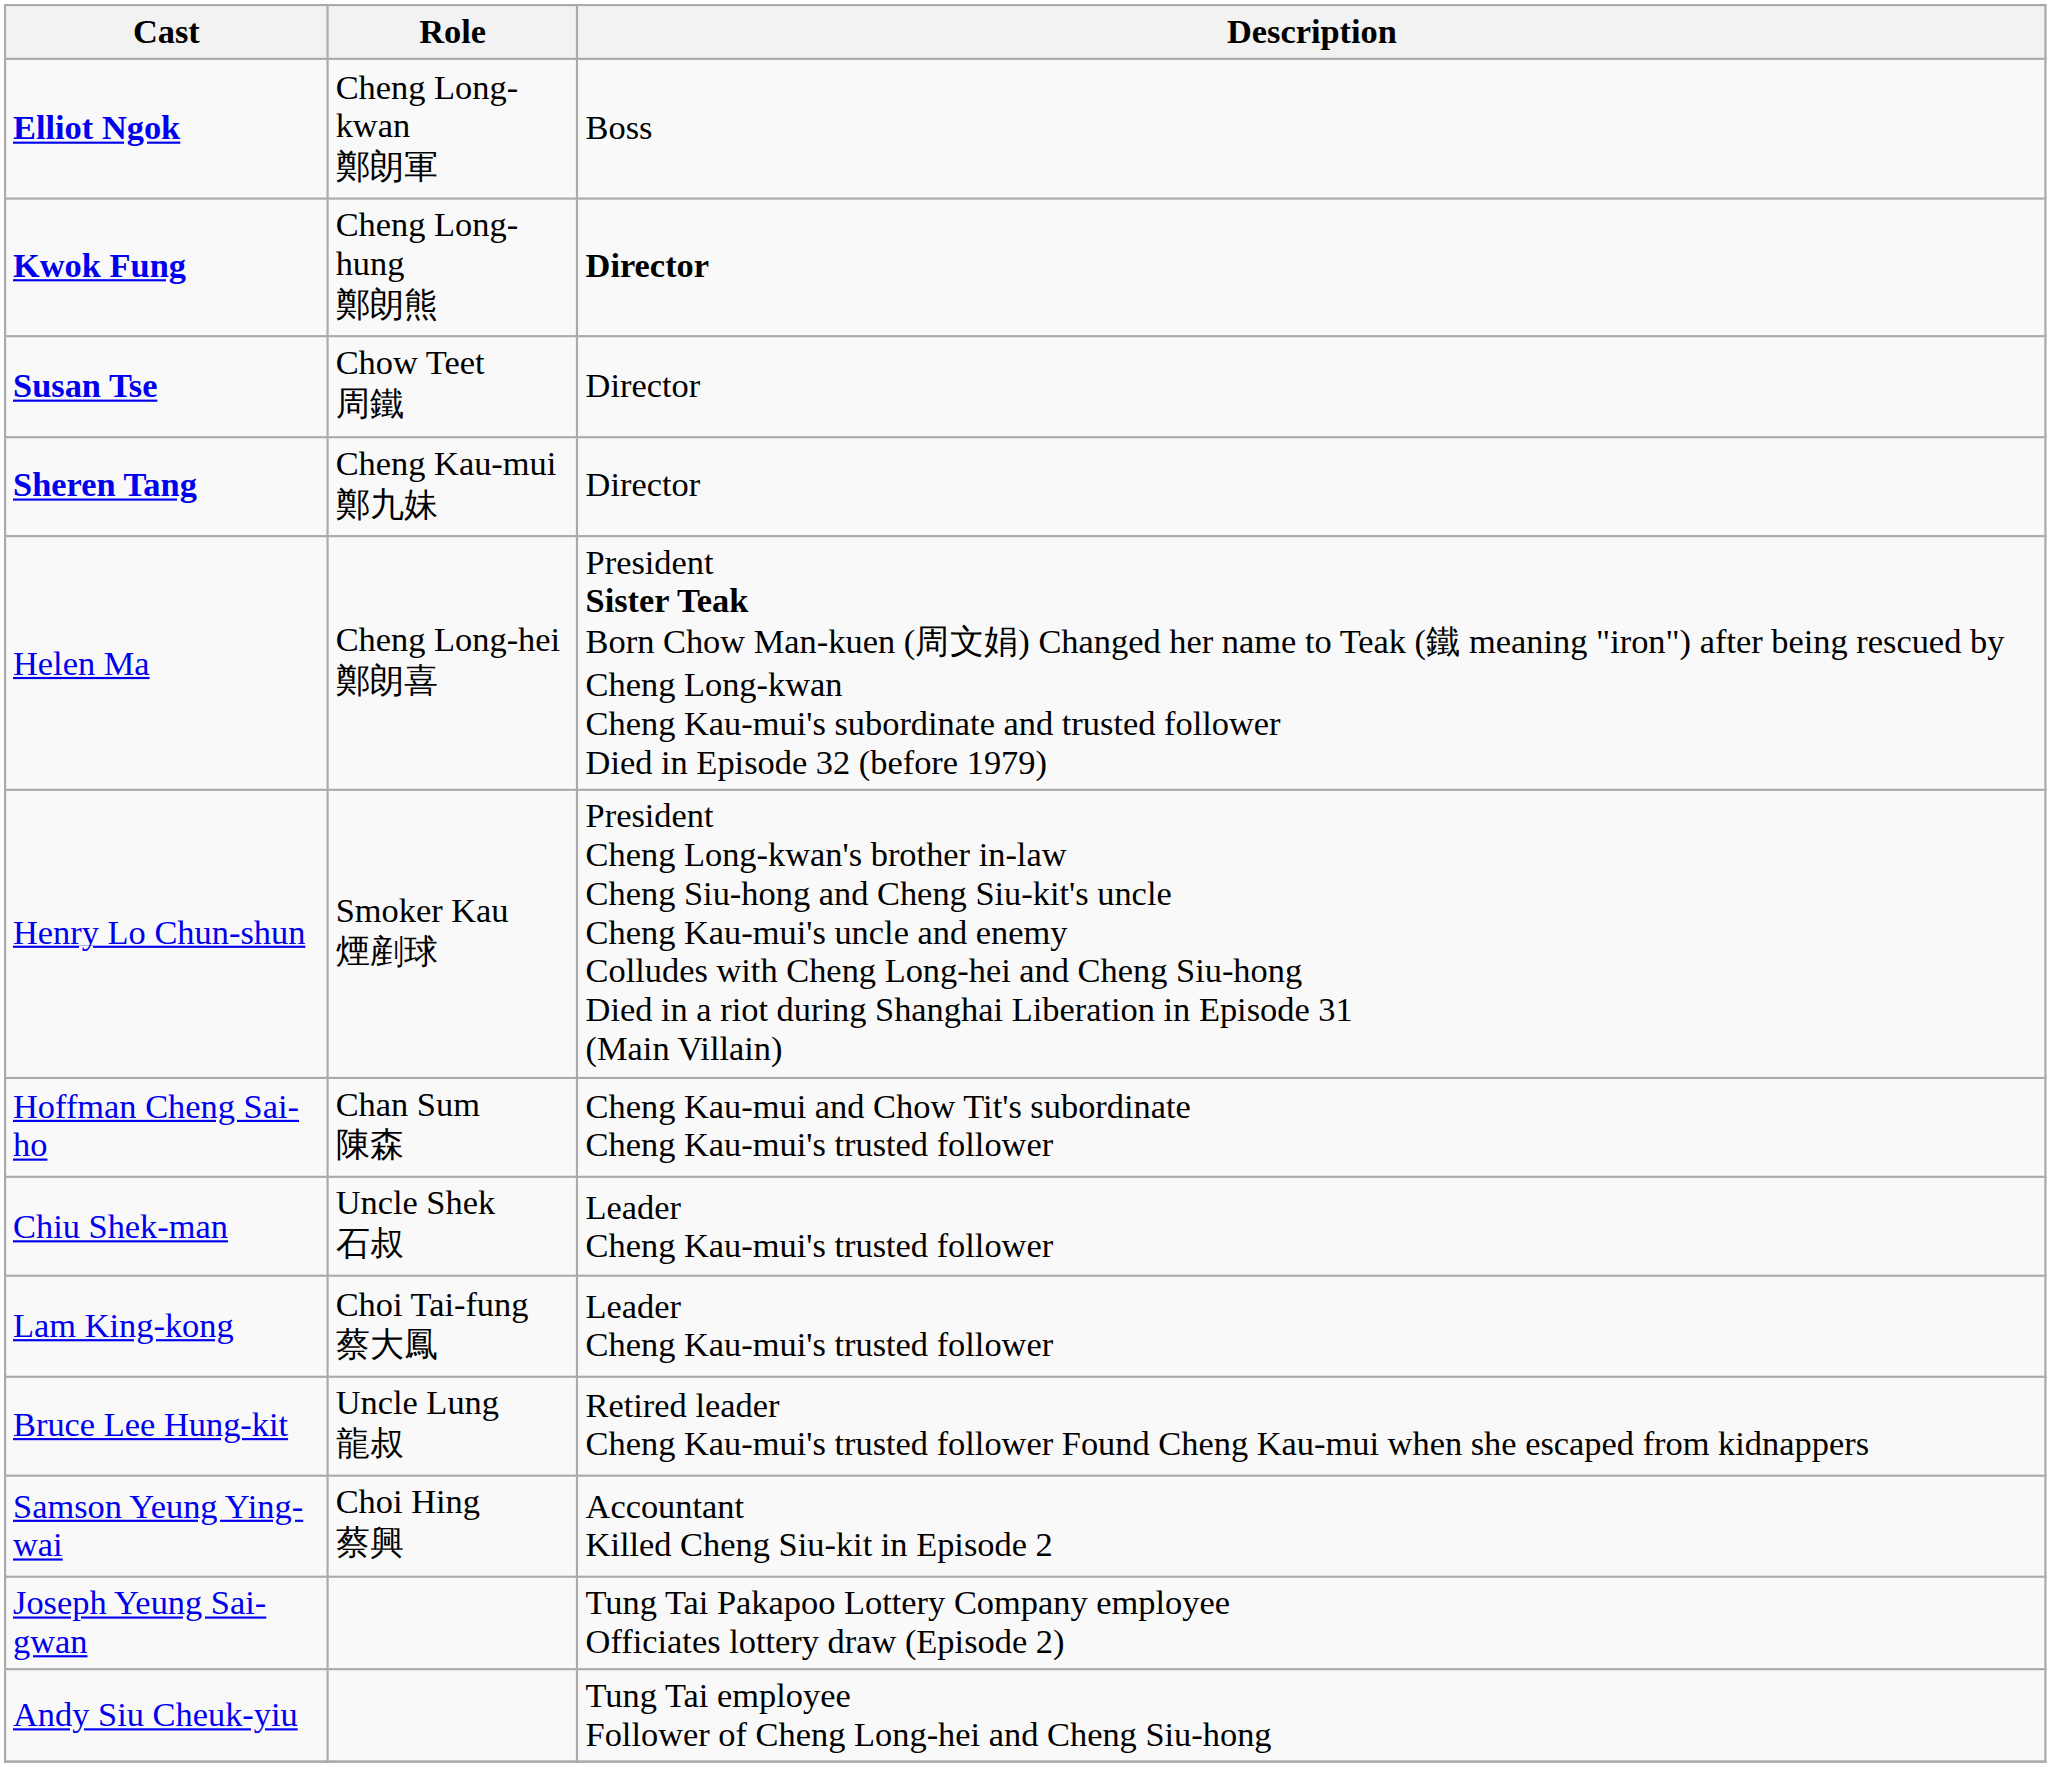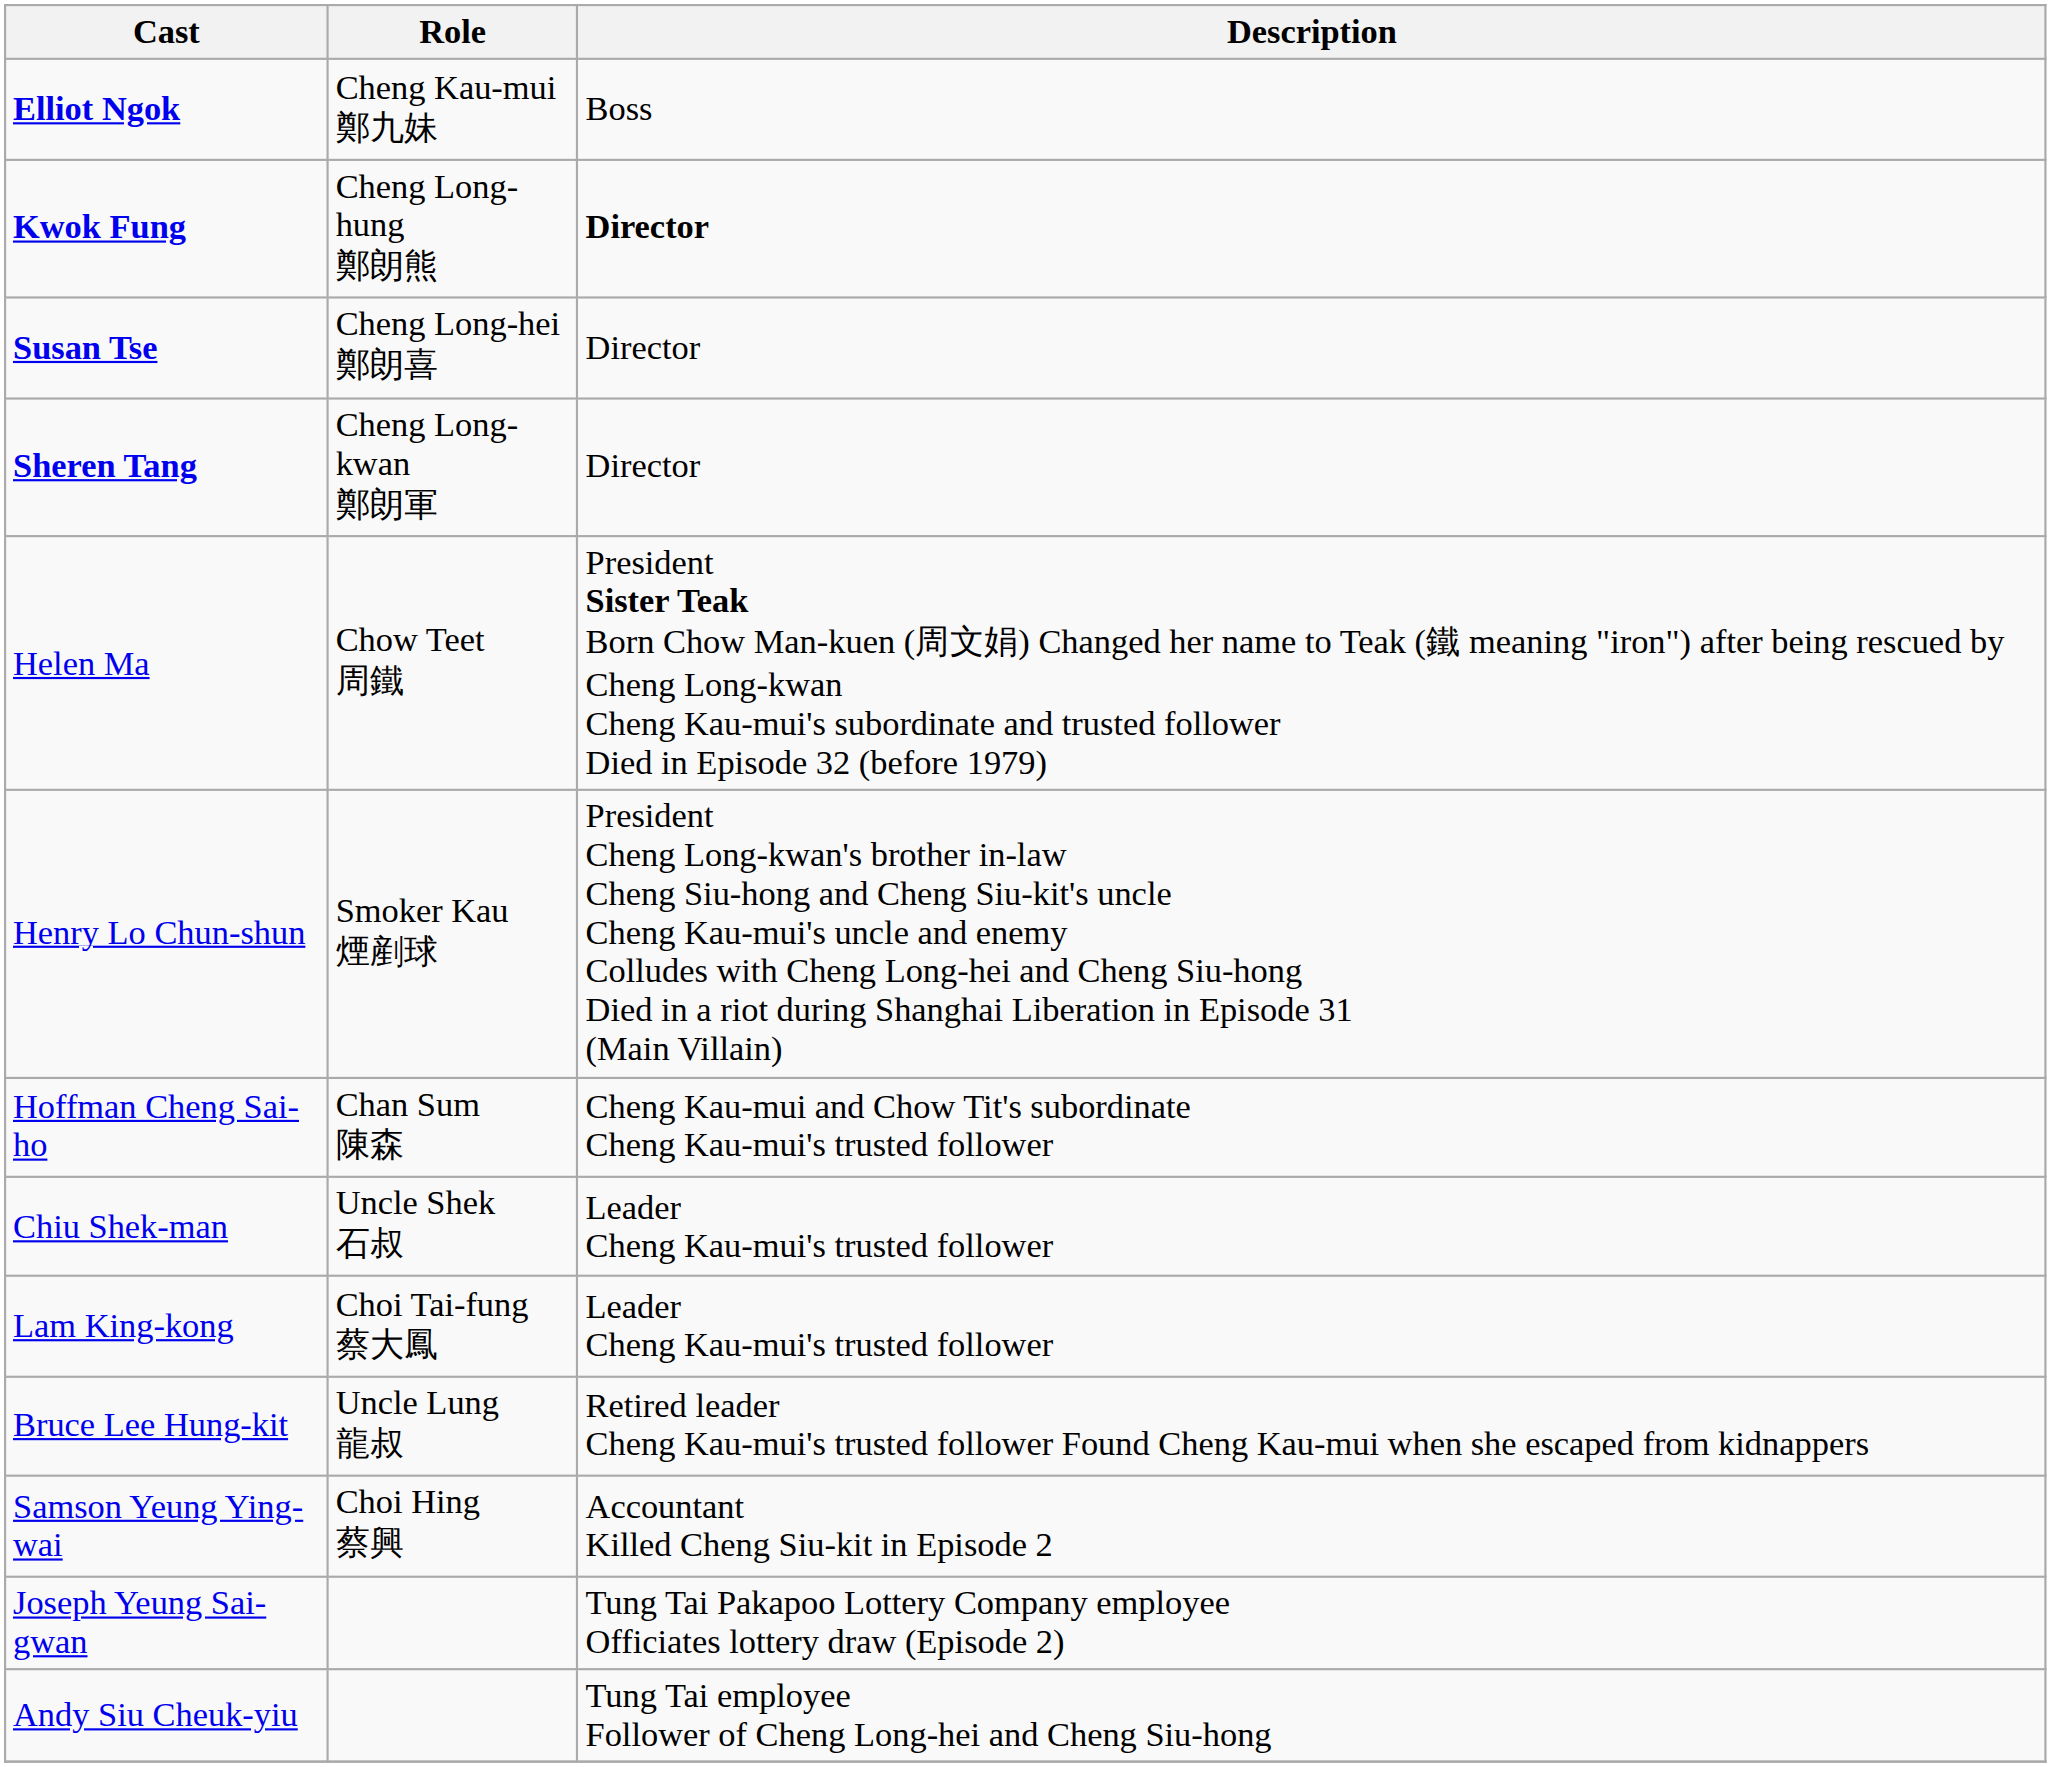 <table class="wikitable" width="60%">
 <tr>
 <th>Cast</th>
 <th>Role</th>
 <th>Description</th>
 </tr>
 <tr>
 <td><strong><a href='#'>Elliot Ngok</a></strong></td>
-<td>Cheng Long-kwan<br>鄭朗軍</td>
+<td>Cheng Kau-mui<br>鄭九妹</td>
 <td>Boss</td>
 </tr>
 <tr>
 <td><strong><a href='#'>Kwok Fung</a></strong></td>
 <td>Cheng Long-hung<br>鄭朗熊</td>
 <td><strong>Director</strong></td>
 </tr>
 <tr>
 <td><strong><a href='#'>Susan Tse</a></strong></td>
-<td>Chow Teet<br>周鐵</td>
+<td>Cheng Long-hei<br>鄭朗喜</td>
 <td>Director</td>
 </tr>
 <tr>
 <td><strong><a href='#'>Sheren Tang</a></strong></td>
-<td>Cheng Kau-mui<br>鄭九妹</td>
+<td>Cheng Long-kwan<br>鄭朗軍</td>
 <td>Director</td>
 </tr>
 <tr>
 <td><a href='#'>Helen Ma</a></td>
-<td>Cheng Long-hei<br>鄭朗喜</td>
+<td>Chow Teet<br>周鐵</td>
 <td>President<br><strong>Sister Teak</strong><br>Born Chow Man-kuen (周文娟) Changed her name to Teak (鐵 meaning "iron") after being rescued by Cheng Long-kwan<br>Cheng Kau-mui's subordinate and trusted follower<br>Died in Episode 32 (before 1979)</td>
 </tr>
 <tr>
 <td><a href='#'>Henry Lo Chun-shun</a></td>
 <td>Smoker Kau<br>煙剷球</td>
 <td>President<br>Cheng Long-kwan's brother in-law<br>Cheng Siu-hong and Cheng Siu-kit's uncle<br>Cheng Kau-mui's uncle and enemy<br>Colludes with Cheng Long-hei and Cheng Siu-hong<br>Died in a riot during Shanghai Liberation in Episode 31<br>(Main Villain)</td>
 </tr>
 <tr>
 <td><a href='#'>Hoffman Cheng Sai-ho</a></td>
 <td>Chan Sum<br>陳森</td>
 <td>Cheng Kau-mui and Chow Tit's subordinate<br>Cheng Kau-mui's trusted follower</td>
 </tr>
 <tr>
 <td><a href='#'>Chiu Shek-man</a></td>
 <td>Uncle Shek<br>石叔</td>
 <td>Leader<br>Cheng Kau-mui's trusted follower</td>
 </tr>
 <tr>
 <td><a href='#'>Lam King-kong</a></td>
 <td>Choi Tai-fung<br>蔡大鳳</td>
 <td>Leader<br>Cheng Kau-mui's trusted follower</td>
 </tr>
 <tr>
 <td><a href='#'>Bruce Lee Hung-kit</a></td>
 <td>Uncle Lung<br>龍叔</td>
 <td>Retired leader<br>Cheng Kau-mui's trusted follower Found Cheng Kau-mui when she escaped from kidnappers</td>
 </tr>
 <tr>
 <td><a href='#'>Samson Yeung Ying-wai</a></td>
 <td>Choi Hing<br>蔡興</td>
 <td>Accountant<br>Killed Cheng Siu-kit in Episode 2</td>
 </tr>
 <tr>
 <td><a href='#'>Joseph Yeung Sai-gwan</a></td>
 <td></td>
 <td>Tung Tai Pakapoo Lottery Company employee<br>Officiates lottery draw (Episode 2)</td>
 </tr>
 <tr>
 <td><a href='#'>Andy Siu Cheuk-yiu</a></td>
 <td></td>
 <td>Tung Tai employee<br>Follower of Cheng Long-hei and Cheng Siu-hong</td>
 </tr>
 <tr>
 </tr>
 </table>
